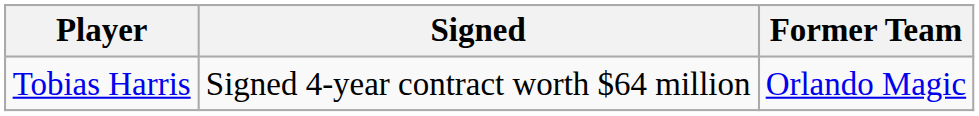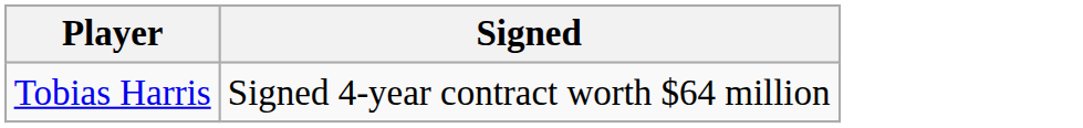 <table class="wikitable sortable sortable">
 <tr>
 <th>Player</th>
 <th>Signed</th>
-<th>Former Team</th>
 </tr>
 <tr style="text-align: center">
 <td><a href='#'>Tobias Harris</a></td>
 <td>Signed 4-year contract worth $64 million</td>
-<td><a href='#'>Orlando Magic</a></td>
 </tr>
 </table>
